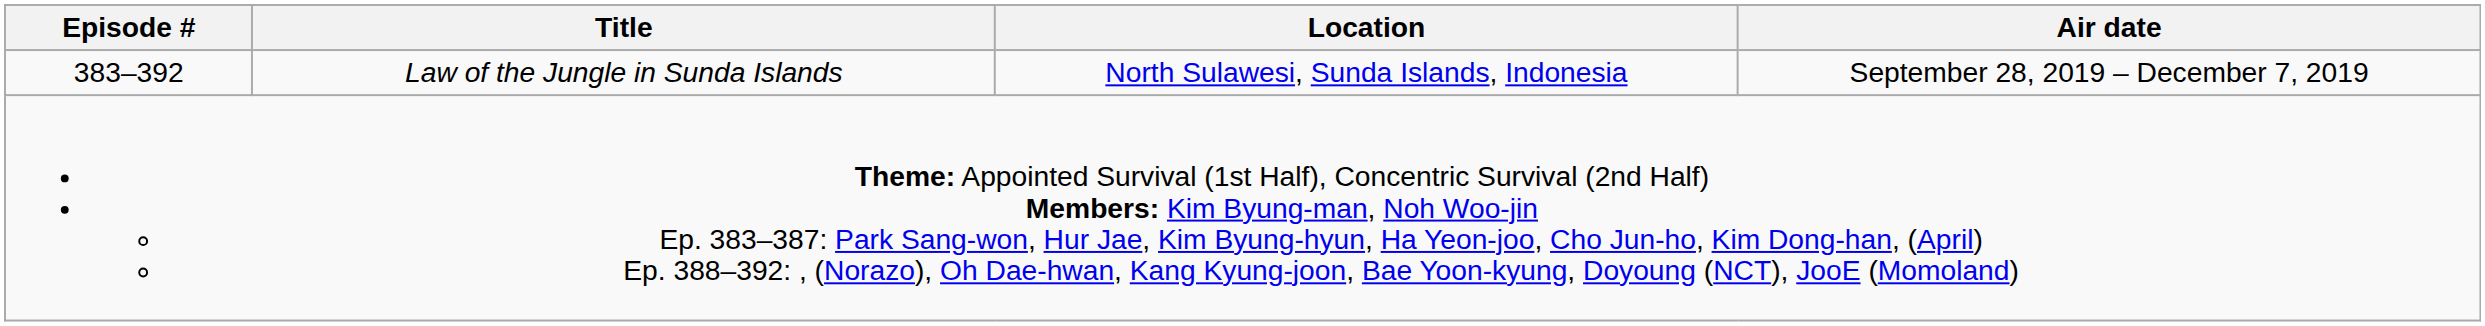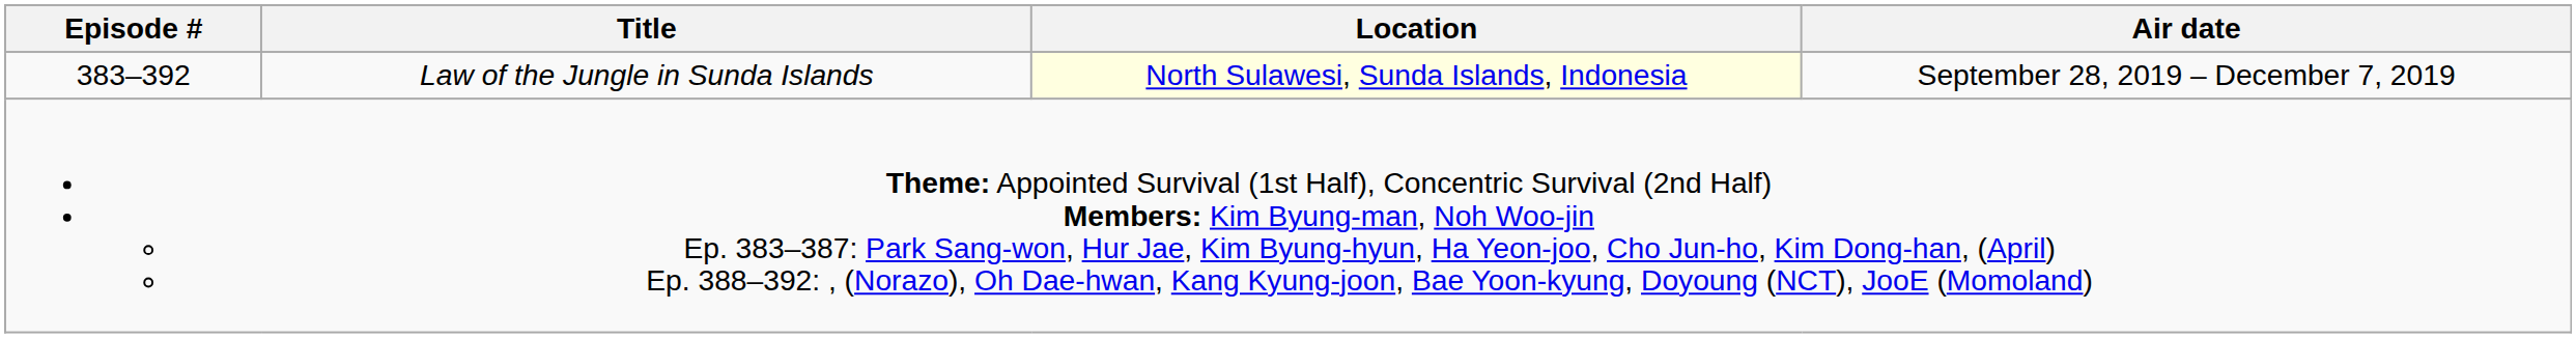 <table class="wikitable" style="text-align:center; font-size:90%; width:100%;">
 <tr>
 <th width="10%">Episode #</th>
 <th width="30%">Title</th>
 <th width="30%">Location</th>
 <th width="30%">Air date</th>
 </tr>
 <tr>
 <td>383–392</td>
 <td><em>Law of the Jungle in Sunda Islands</em></td>
-<td><a href='#'>North Sulawesi</a>, <a href='#'>Sunda Islands</a>, <a href='#'>Indonesia</a></td>
+<td style="background: lightyellow;"><a href='#'>North Sulawesi</a>, <a href='#'>Sunda Islands</a>, <a href='#'>Indonesia</a></td>
 <td>September 28, 2019 – December 7, 2019</td>
 </tr>
 <tr>
 <td colspan="4"><br><ul><li><strong>Theme:</strong> Appointed Survival (1st Half), Concentric Survival (2nd Half)</li><li><strong>Members:</strong> <a href='#'>Kim Byung-man</a>, <a href='#'>Noh Woo-jin</a><ul><li>Ep. 383–387: <a href='#'>Park Sang-won</a>, <a href='#'>Hur Jae</a>, <a href='#'>Kim Byung-hyun</a>, <a href='#'>Ha Yeon-joo</a>, <a href='#'>Cho Jun-ho</a>, <a href='#'>Kim Dong-han</a>,  (<a href='#'>April</a>)</li><li>Ep. 388–392: ,  (<a href='#'>Norazo</a>), <a href='#'>Oh Dae-hwan</a>, <a href='#'>Kang Kyung-joon</a>, <a href='#'>Bae Yoon-kyung</a>, <a href='#'>Doyoung</a> (<a href='#'>NCT</a>), <a href='#'>JooE</a> (<a href='#'>Momoland</a>)</li></ul></li></ul></td>
 </tr>
 </table>
